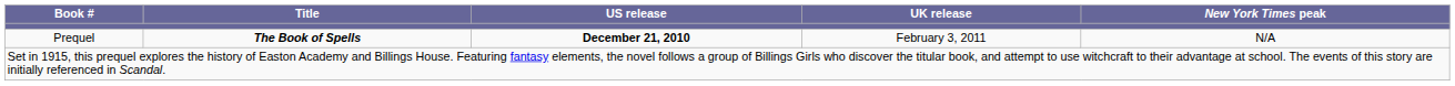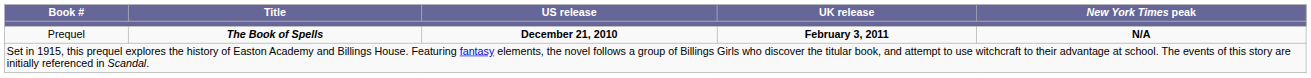 <table class="wikitable" style="width:98%; background-color:#FFFFF">
 <tr style="color:white">
 <th style="background-color: #666699;">Book #</th>
 <th style="background-color: #666699;">Title</th>
 <th style="background-color: #666699;">US release</th>
 <th style="background-color: #666699;">UK release</th>
 <th style="background-color: #666699;"><em>New York Times</em> peak</th>
 </tr>
 <tr>
 <td colspan="6" bgcolor="#666699"></td>
 </tr>
 <tr>
 <td align="center">Prequel</td>
 <td align="center"><strong><em>The Book of Spells</em></strong></td>
 <td align="center"><strong>December 21, 2010</strong></td>
-<td align="center">February 3, 2011</td>
-<td align="center">N/A</td>
+<td align="center"><strong>February 3, 2011</strong></td>
+<td align="center"><strong>N/A</strong></td>
 </tr>
 <tr>
 <td colspan="6">Set in 1915, this prequel explores the history of Easton Academy and Billings House. Featuring <a href='#'>fantasy</a> elements, the novel follows a group of Billings Girls who discover the titular book, and attempt to use witchcraft to their advantage at school. The events of this story are initially referenced in <em>Scandal</em>.</td>
 </tr>
 </table>
